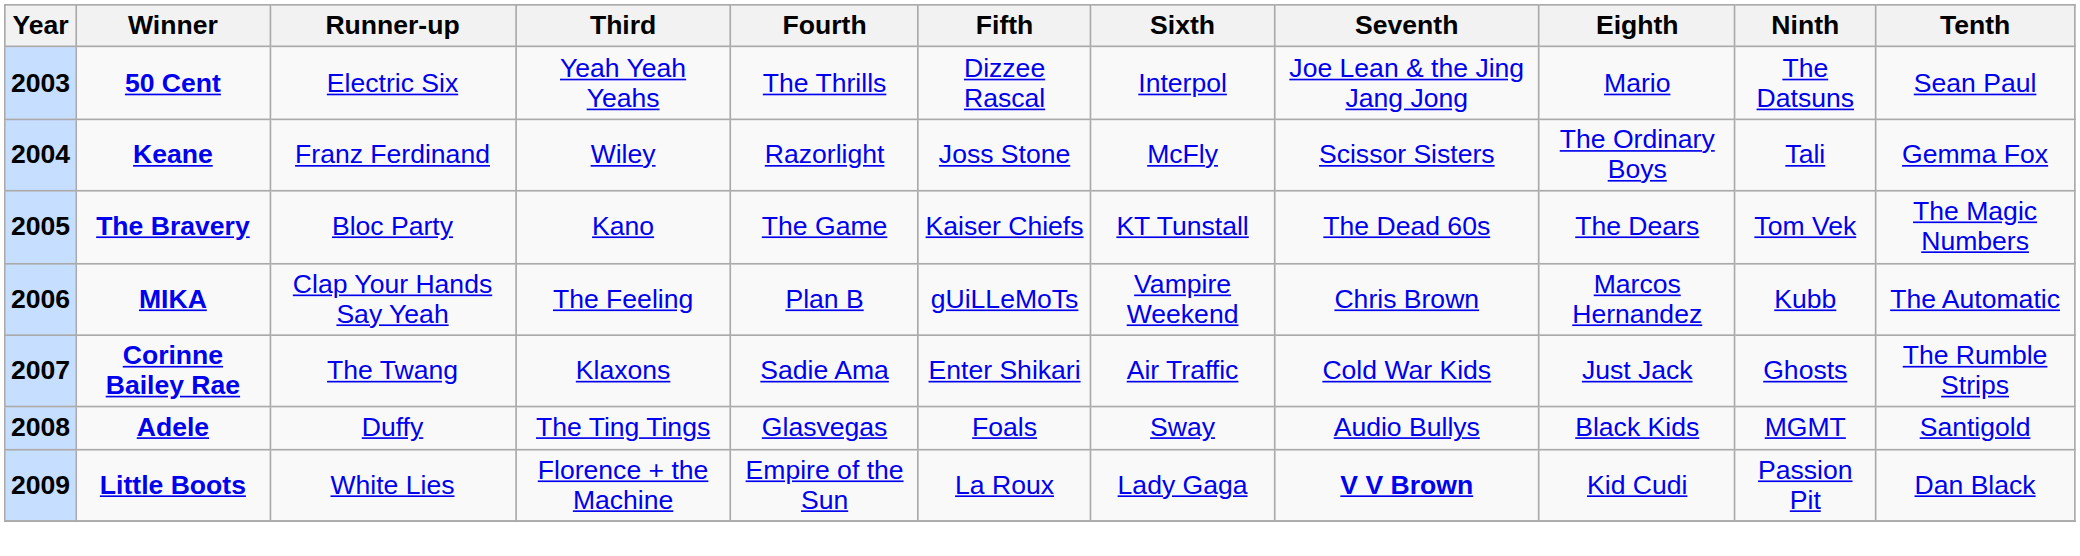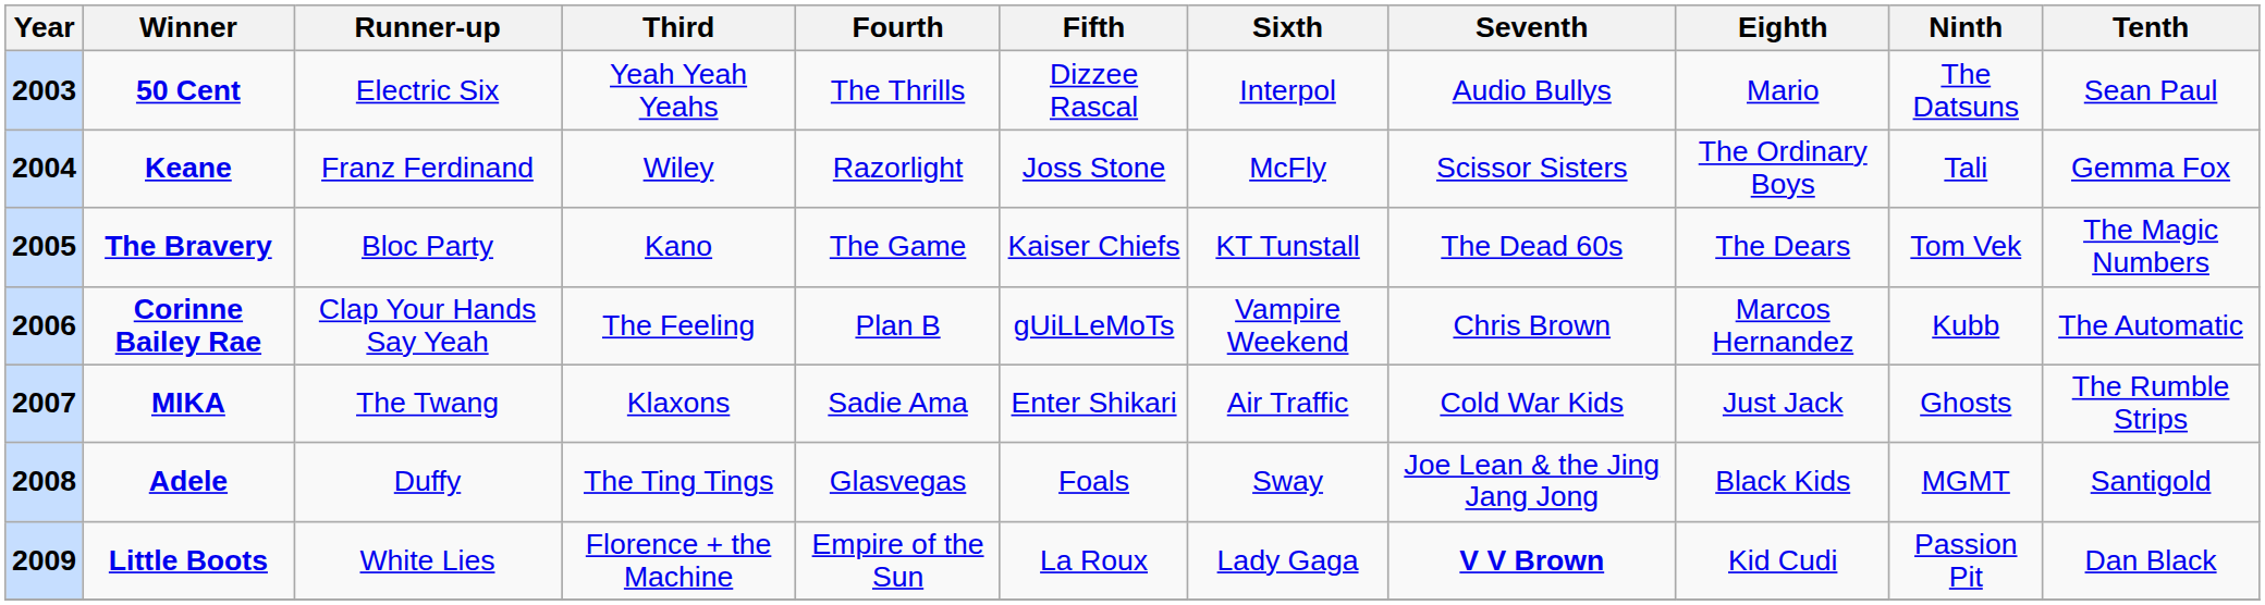 <table class="wikitable" style="text-align:center; font-size:100%">
 <tr>
 <th>Year</th>
 <th>Winner</th>
 <th>Runner-up</th>
 <th>Third</th>
 <th>Fourth</th>
 <th>Fifth</th>
 <th>Sixth</th>
 <th>Seventh</th>
 <th>Eighth</th>
 <th>Ninth</th>
 <th>Tenth</th>
 </tr>
 <tr>
 <th style="background:#C6DEFF">2003</th>
 <td><strong><a href='#'>50 Cent</a></strong></td>
 <td><a href='#'>Electric Six</a></td>
 <td><a href='#'>Yeah Yeah Yeahs</a></td>
 <td><a href='#'>The Thrills</a></td>
 <td><a href='#'>Dizzee Rascal</a></td>
 <td><a href='#'>Interpol</a></td>
-<td><a href='#'>Joe Lean & the Jing Jang Jong</a></td>
+<td><a href='#'>Audio Bullys</a></td>
 <td><a href='#'>Mario</a></td>
 <td><a href='#'>The Datsuns</a></td>
 <td><a href='#'>Sean Paul</a></td>
 </tr>
 <tr>
 <th style="background:#C6DEFF">2004</th>
 <td><strong><a href='#'>Keane</a></strong></td>
 <td><a href='#'>Franz Ferdinand</a></td>
 <td><a href='#'>Wiley</a></td>
 <td><a href='#'>Razorlight</a></td>
 <td><a href='#'>Joss Stone</a></td>
 <td><a href='#'>McFly</a></td>
 <td><a href='#'>Scissor Sisters</a></td>
 <td><a href='#'>The Ordinary Boys</a></td>
 <td><a href='#'>Tali</a></td>
 <td><a href='#'>Gemma Fox</a></td>
 </tr>
 <tr>
 <th style="background:#C6DEFF">2005</th>
 <td><strong><a href='#'>The Bravery</a></strong></td>
 <td><a href='#'>Bloc Party</a></td>
 <td><a href='#'>Kano</a></td>
 <td><a href='#'>The Game</a></td>
 <td><a href='#'>Kaiser Chiefs</a></td>
 <td><a href='#'>KT Tunstall</a></td>
 <td><a href='#'>The Dead 60s</a></td>
 <td><a href='#'>The Dears</a></td>
 <td><a href='#'>Tom Vek</a></td>
 <td><a href='#'>The Magic Numbers</a></td>
 </tr>
 <tr>
 <th style="background:#C6DEFF">2006</th>
-<td><strong><a href='#'>MIKA</a></strong></td>
+<td><strong><a href='#'>Corinne Bailey Rae</a></strong></td>
 <td><a href='#'>Clap Your Hands Say Yeah</a></td>
 <td><a href='#'>The Feeling</a></td>
 <td><a href='#'>Plan B</a></td>
 <td><a href='#'>gUiLLeMoTs</a></td>
 <td><a href='#'>Vampire Weekend</a></td>
 <td><a href='#'>Chris Brown</a></td>
 <td><a href='#'>Marcos Hernandez</a></td>
 <td><a href='#'>Kubb</a></td>
 <td><a href='#'>The Automatic</a></td>
 </tr>
 <tr>
 <th style="background:#C6DEFF">2007</th>
-<td><strong><a href='#'>Corinne Bailey Rae</a></strong></td>
+<td><strong><a href='#'>MIKA</a></strong></td>
 <td><a href='#'>The Twang</a></td>
 <td><a href='#'>Klaxons</a></td>
 <td><a href='#'>Sadie Ama</a></td>
 <td><a href='#'>Enter Shikari</a></td>
 <td><a href='#'>Air Traffic</a></td>
 <td><a href='#'>Cold War Kids</a></td>
 <td><a href='#'>Just Jack</a></td>
 <td><a href='#'>Ghosts</a></td>
 <td><a href='#'>The Rumble Strips</a></td>
 </tr>
 <tr>
 <th style="background:#C6DEFF">2008</th>
 <td><strong><a href='#'>Adele</a></strong></td>
 <td><a href='#'>Duffy</a></td>
 <td><a href='#'>The Ting Tings</a></td>
 <td><a href='#'>Glasvegas</a></td>
 <td><a href='#'>Foals</a></td>
 <td><a href='#'>Sway</a></td>
-<td><a href='#'>Audio Bullys</a></td>
+<td><a href='#'>Joe Lean & the Jing Jang Jong</a></td>
 <td><a href='#'>Black Kids</a></td>
 <td><a href='#'>MGMT</a></td>
 <td><a href='#'>Santigold</a></td>
 </tr>
 <tr>
 <th style="background:#C6DEFF">2009</th>
 <td><strong><a href='#'>Little Boots</a></strong></td>
 <td><a href='#'>White Lies</a></td>
 <td><a href='#'>Florence + the Machine</a></td>
 <td><a href='#'>Empire of the Sun</a></td>
 <td><a href='#'>La Roux</a></td>
 <td><a href='#'>Lady Gaga</a></td>
 <td><strong><a href='#'>V V Brown</a></strong></td>
 <td><a href='#'>Kid Cudi</a></td>
 <td><a href='#'>Passion Pit</a></td>
 <td><a href='#'>Dan Black</a></td>
 </tr>
 <tr>
 </tr>
 </table>
